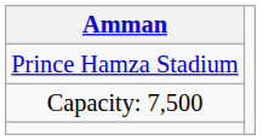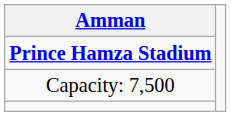 <table class="wikitable" style="text-align:center;">
 <tr>
 <th><a href='#'>Amman</a></th>
 <td rowspan="4"><br></td>
 </tr>
 <tr>
-<td><a href='#'>Prince Hamza Stadium</a></td>
+<td><strong><a href='#'>Prince Hamza Stadium</a></strong></td>
 </tr>
 <tr>
 <td>Capacity: 7,500</td>
 </tr>
 <tr>
 <td></td>
 </tr>
 </table>
